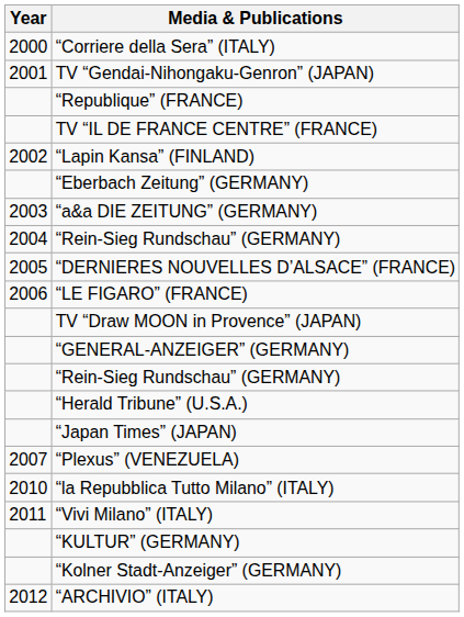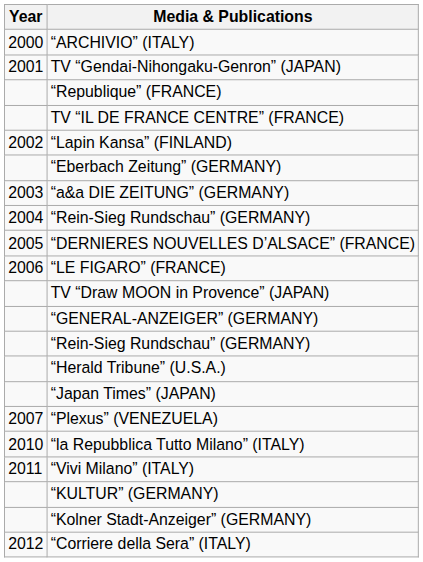 <table class="wikitable">
 <tr>
 <th>Year</th>
 <th>Media & Publications</th>
 </tr>
 <tr>
 <td>2000</td>
-<td>“Corriere della Sera” (ITALY)</td>
+<td>“ARCHIVIO” (ITALY)</td>
 </tr>
 <tr>
 <td>2001</td>
 <td>TV “Gendai-Nihongaku-Genron” (JAPAN)</td>
 </tr>
 <tr>
 <td></td>
 <td>“Republique” (FRANCE)</td>
 </tr>
 <tr>
 <td></td>
 <td>TV “IL DE FRANCE CENTRE” (FRANCE)</td>
 </tr>
 <tr>
 <td>2002</td>
 <td>“Lapin Kansa” (FINLAND)</td>
 </tr>
 <tr>
 <td></td>
 <td>“Eberbach Zeitung” (GERMANY)</td>
 </tr>
 <tr>
 <td>2003</td>
 <td>“a&a DIE ZEITUNG” (GERMANY)</td>
 </tr>
 <tr>
 <td>2004</td>
 <td>“Rein-Sieg Rundschau” (GERMANY)</td>
 </tr>
 <tr>
 <td>2005</td>
 <td>“DERNIERES NOUVELLES D’ALSACE” (FRANCE)</td>
 </tr>
 <tr>
 <td>2006</td>
 <td>“LE FIGARO” (FRANCE)</td>
 </tr>
 <tr>
 <td></td>
 <td>TV “Draw MOON in Provence” (JAPAN)</td>
 </tr>
 <tr>
 <td></td>
 <td>“GENERAL-ANZEIGER” (GERMANY)</td>
 </tr>
 <tr>
 <td></td>
 <td>“Rein-Sieg Rundschau” (GERMANY)</td>
 </tr>
 <tr>
 <td></td>
 <td>“Herald Tribune” (U.S.A.)</td>
 </tr>
 <tr>
 <td></td>
 <td>“Japan Times” (JAPAN)</td>
 </tr>
 <tr>
 <td>2007</td>
 <td>“Plexus” (VENEZUELA)</td>
 </tr>
 <tr>
 <td>2010</td>
 <td>“la Repubblica Tutto Milano” (ITALY)</td>
 </tr>
 <tr>
 <td>2011</td>
 <td>“Vivi Milano” (ITALY)</td>
 </tr>
 <tr>
 <td></td>
 <td>“KULTUR” (GERMANY)</td>
 </tr>
 <tr>
 <td></td>
 <td>“Kolner Stadt-Anzeiger” (GERMANY)</td>
 </tr>
 <tr>
 <td>2012</td>
-<td>“ARCHIVIO” (ITALY)</td>
+<td>“Corriere della Sera” (ITALY)</td>
 </tr>
 </table>
